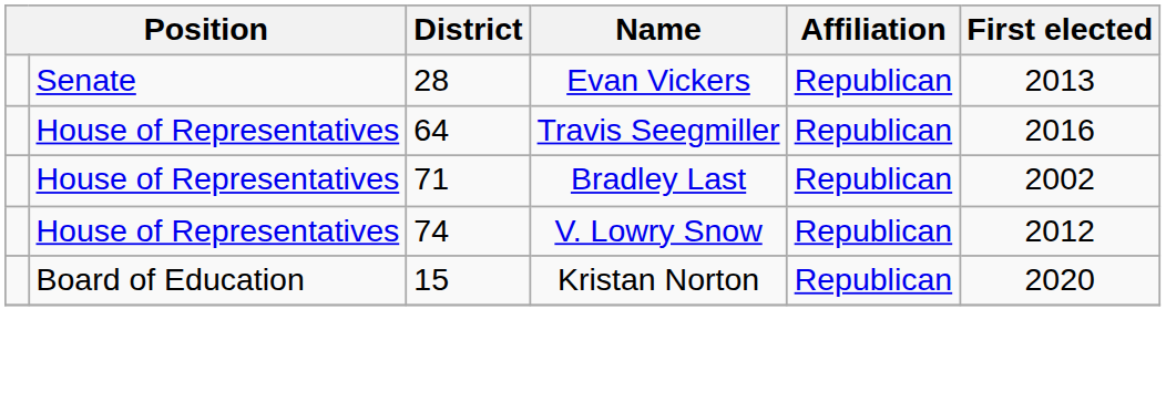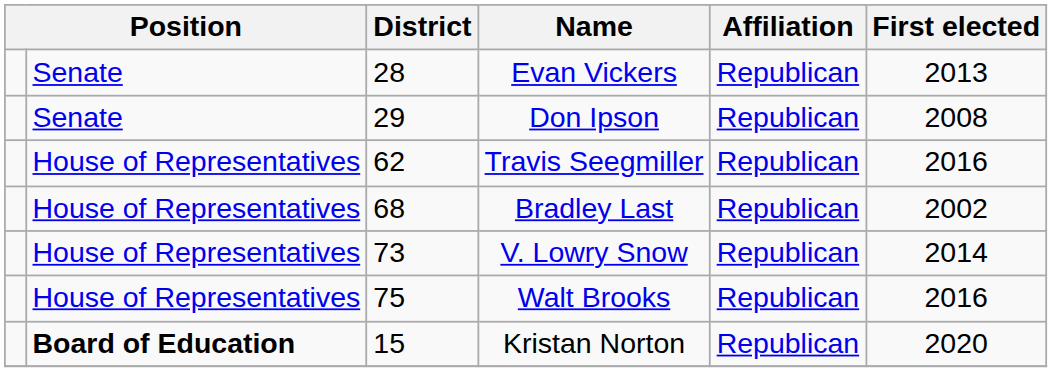 <table class="wikitable">
 <tr>
 <th colspan="2" style="text-align:center; vertical-align:bottom;">Position</th>
 <th>District</th>
 <th style="text-align:center;">Name</th>
 <th valign="bottom">Affiliation</th>
 <th style="vertical-align:bottom; text-align:center;">First elected</th>
 </tr>
 <tr>
 <td style="background-color:"> </td>
 <td><a href='#'>Senate</a></td>
 <td>28</td>
 <td style="text-align:center;"><a href='#'>Evan Vickers</a></td>
 <td style="text-align:center;"><a href='#'>Republican</a></td>
 <td style="text-align:center;">2013</td>
 </tr>
 <tr>
 <td style="background-color:"> </td>
+<td><a href='#'>Senate</a></td>
+<td>29</td>
+<td style="text-align:center;"><a href='#'>Don Ipson</a></td>
+<td style="text-align:center;"><a href='#'>Republican</a></td>
+<td style="text-align:center;">2008</td>
+</tr>
+<tr>
+<td style="background-color:"> </td>
 <td><a href='#'>House of Representatives</a></td>
-<td>64</td>
+<td>62</td>
 <td style="text-align:center;"><a href='#'>Travis Seegmiller</a></td>
 <td style="text-align:center;"><a href='#'>Republican</a></td>
 <td style="text-align:center;">2016</td>
 </tr>
 <tr>
 <td style="background-color:"> </td>
 <td><a href='#'>House of Representatives</a></td>
-<td>71</td>
+<td>68</td>
 <td style="text-align:center;"><a href='#'>Bradley Last</a></td>
 <td style="text-align:center;"><a href='#'>Republican</a></td>
 <td style="text-align:center;">2002</td>
 </tr>
 <tr>
 <td style="background-color:"> </td>
 <td><a href='#'>House of Representatives</a></td>
-<td>74</td>
+<td>73</td>
 <td style="text-align:center;"><a href='#'>V. Lowry Snow</a></td>
 <td style="text-align:center;"><a href='#'>Republican</a></td>
-<td style="text-align:center;">2012</td>
+<td style="text-align:center;">2014</td>
 </tr>
 <tr>
 <td style="background-color:"> </td>
-<td>Board of Education</td>
+<td><a href='#'>House of Representatives</a></td>
+<td>75</td>
+<td style="text-align:center;"><a href='#'>Walt Brooks</a></td>
+<td style="text-align:center;"><a href='#'>Republican</a></td>
+<td style="text-align:center;">2016</td>
+</tr>
+<tr>
+<td style="background-color:"> </td>
+<td><strong>Board of Education</strong></td>
 <td>15</td>
 <td style="text-align:center;">Kristan Norton</td>
 <td style="text-align:center;"><a href='#'>Republican</a></td>
 <td style="text-align:center;">2020</td>
 </tr>
 <tr>
 </tr>
 </table>
